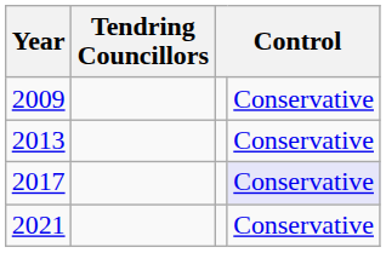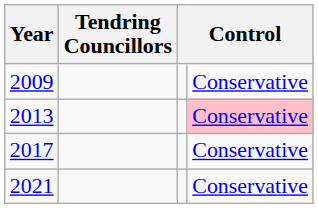 <table class="wikitable">
 <tr>
 <th>Year</th>
 <th>Tendring<br>Councillors</th>
 <th colspan="2">Control</th>
 </tr>
 <tr>
 <td><a href='#'>2009</a></td>
 <td></td>
 <td></td>
 <td><a href='#'>Conservative</a></td>
 </tr>
 <tr>
 <td><a href='#'>2013</a></td>
 <td></td>
 <td></td>
-<td><a href='#'>Conservative</a></td>
+<td style="background: pink;"><a href='#'>Conservative</a></td>
 </tr>
 <tr>
 <td><a href='#'>2017</a></td>
 <td></td>
 <td></td>
-<td style="background: lavender;"><a href='#'>Conservative</a></td>
+<td><a href='#'>Conservative</a></td>
 </tr>
 <tr>
 <td><a href='#'>2021</a></td>
 <td></td>
 <td></td>
 <td><a href='#'>Conservative</a></td>
 </tr>
 </table>
